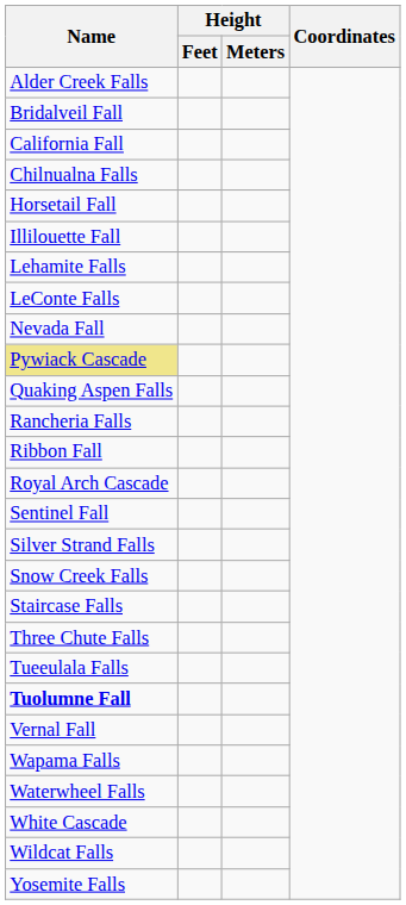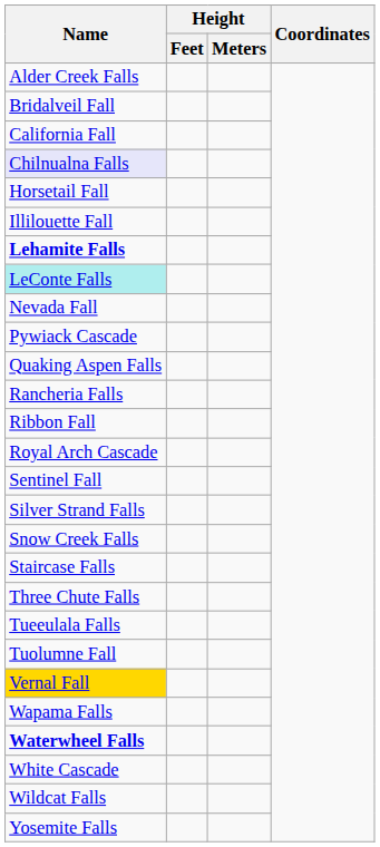 <table class="wikitable sortable">
 <tr>
 <th rowspan=2>Name</th>
 <th colspan=2>Height</th>
 <th rowspan=2>Coordinates</th>
 </tr>
 <tr>
 <th>Feet</th>
 <th>Meters</th>
 </tr>
 <tr>
 <td><a href='#'>Alder Creek Falls</a></td>
 <td></td>
 <td></td>
 </tr>
 <tr>
 <td><a href='#'>Bridalveil Fall</a></td>
 <td></td>
 <td></td>
 </tr>
 <tr>
 <td><a href='#'>California Fall</a></td>
 <td></td>
 <td></td>
 </tr>
 <tr>
-<td><a href='#'>Chilnualna Falls</a></td>
+<td style="background: lavender;"><a href='#'>Chilnualna Falls</a></td>
 <td></td>
 <td></td>
 </tr>
 <tr>
 <td><a href='#'>Horsetail Fall</a></td>
 <td></td>
 <td></td>
 </tr>
 <tr>
 <td><a href='#'>Illilouette Fall</a></td>
 <td></td>
 <td></td>
 </tr>
 <tr>
-<td><a href='#'>Lehamite Falls</a></td>
+<td><strong><a href='#'>Lehamite Falls</a></strong></td>
 <td></td>
 <td></td>
 </tr>
 <tr>
-<td><a href='#'>LeConte Falls</a></td>
+<td style="background: paleturquoise;"><a href='#'>LeConte Falls</a></td>
 <td></td>
 <td></td>
 </tr>
 <tr>
 <td><a href='#'>Nevada Fall</a></td>
 <td></td>
 <td></td>
 </tr>
 <tr>
-<td style="background: khaki;"><a href='#'>Pywiack Cascade</a></td>
+<td><a href='#'>Pywiack Cascade</a></td>
 <td></td>
 <td></td>
 </tr>
 <tr>
 <td><a href='#'>Quaking Aspen Falls</a></td>
 <td></td>
 <td></td>
 </tr>
 <tr>
 <td><a href='#'>Rancheria Falls</a></td>
 <td></td>
 <td></td>
 </tr>
 <tr>
 <td><a href='#'>Ribbon Fall</a></td>
 <td></td>
 <td></td>
 </tr>
 <tr>
 <td><a href='#'>Royal Arch Cascade</a></td>
 <td></td>
 <td></td>
 </tr>
 <tr>
 <td><a href='#'>Sentinel Fall</a></td>
 <td></td>
 <td></td>
 </tr>
 <tr>
 <td><a href='#'>Silver Strand Falls</a></td>
 <td></td>
 <td></td>
 </tr>
 <tr>
 <td><a href='#'>Snow Creek Falls</a></td>
 <td></td>
 <td></td>
 </tr>
 <tr>
 <td><a href='#'>Staircase Falls</a></td>
 <td></td>
 <td></td>
 </tr>
 <tr>
 <td><a href='#'>Three Chute Falls</a></td>
 <td></td>
 <td></td>
 </tr>
 <tr>
 <td><a href='#'>Tueeulala Falls</a></td>
 <td></td>
 <td></td>
 </tr>
 <tr>
-<td><strong><a href='#'>Tuolumne Fall</a></strong></td>
+<td><a href='#'>Tuolumne Fall</a></td>
 <td></td>
 <td></td>
 </tr>
 <tr>
-<td><a href='#'>Vernal Fall</a></td>
+<td style="background: gold;"><a href='#'>Vernal Fall</a></td>
 <td></td>
 <td></td>
 </tr>
 <tr>
 <td><a href='#'>Wapama Falls</a></td>
 <td></td>
 <td></td>
 </tr>
 <tr>
-<td><a href='#'>Waterwheel Falls</a></td>
+<td><strong><a href='#'>Waterwheel Falls</a></strong></td>
 <td></td>
 <td></td>
 </tr>
 <tr>
 <td><a href='#'>White Cascade</a></td>
 <td></td>
 <td></td>
 </tr>
 <tr>
 <td><a href='#'>Wildcat Falls</a></td>
 <td></td>
 <td></td>
 </tr>
 <tr>
 <td><a href='#'>Yosemite Falls</a></td>
 <td></td>
 <td></td>
 </tr>
 </table>
